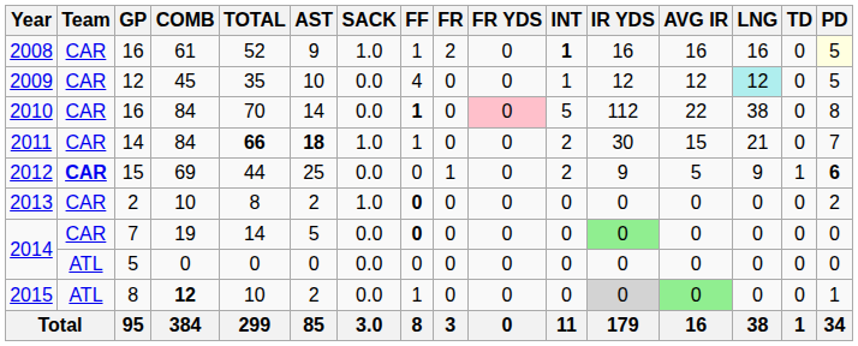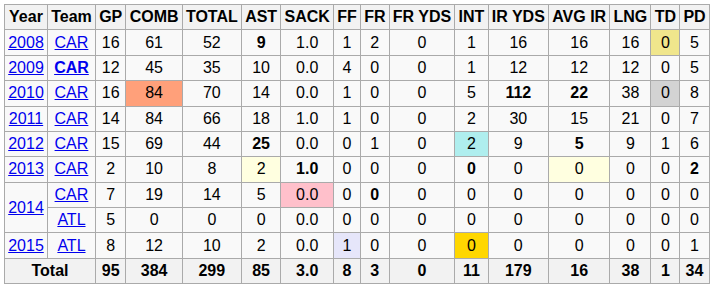 <table class="wikitable" style="text-align:center">
 <tr>
 <th>Year</th>
 <th>Team</th>
 <th>GP</th>
 <th>COMB</th>
 <th>TOTAL</th>
 <th>AST</th>
 <th>SACK</th>
 <th>FF</th>
 <th>FR</th>
 <th>FR YDS</th>
 <th>INT</th>
 <th>IR YDS</th>
 <th>AVG IR</th>
 <th>LNG</th>
 <th>TD</th>
 <th>PD</th>
 </tr>
 <tr>
 <td><a href='#'>2008</a></td>
 <td><a href='#'>CAR</a></td>
 <td>16</td>
 <td>61</td>
 <td>52</td>
-<td>9</td>
+<td><strong>9</strong></td>
 <td>1.0</td>
 <td>1</td>
 <td>2</td>
 <td>0</td>
-<td><strong>1</strong></td>
+<td>1</td>
 <td>16</td>
 <td>16</td>
 <td>16</td>
-<td>0</td>
-<td style="background: lightyellow;">5</td>
+<td style="background: khaki;">0</td>
+<td>5</td>
 </tr>
 <tr>
 <td><a href='#'>2009</a></td>
-<td><a href='#'>CAR</a></td>
+<td><strong><a href='#'>CAR</a></strong></td>
 <td>12</td>
 <td>45</td>
 <td>35</td>
 <td>10</td>
 <td>0.0</td>
 <td>4</td>
 <td>0</td>
 <td>0</td>
 <td>1</td>
 <td>12</td>
 <td>12</td>
-<td style="background: paleturquoise;">12</td>
+<td>12</td>
 <td>0</td>
 <td>5</td>
 </tr>
 <tr>
 <td><a href='#'>2010</a></td>
 <td><a href='#'>CAR</a></td>
 <td>16</td>
-<td>84</td>
+<td style="background: lightsalmon;">84</td>
 <td>70</td>
 <td>14</td>
 <td>0.0</td>
-<td><strong>1</strong></td>
+<td>1</td>
 <td>0</td>
-<td style="background: pink;">0</td>
+<td>0</td>
 <td>5</td>
-<td>112</td>
-<td>22</td>
+<td><strong>112</strong></td>
+<td><strong>22</strong></td>
 <td>38</td>
-<td>0</td>
+<td style="background: lightgrey;">0</td>
 <td>8</td>
 </tr>
 <tr>
 <td><a href='#'>2011</a></td>
 <td><a href='#'>CAR</a></td>
 <td>14</td>
 <td>84</td>
-<td><strong>66</strong></td>
-<td><strong>18</strong></td>
+<td>66</td>
+<td>18</td>
 <td>1.0</td>
 <td>1</td>
 <td>0</td>
 <td>0</td>
 <td>2</td>
 <td>30</td>
 <td>15</td>
 <td>21</td>
 <td>0</td>
 <td>7</td>
 </tr>
 <tr>
 <td><a href='#'>2012</a></td>
-<td><strong><a href='#'>CAR</a></strong></td>
+<td><a href='#'>CAR</a></td>
 <td>15</td>
 <td>69</td>
 <td>44</td>
-<td>25</td>
+<td><strong>25</strong></td>
 <td>0.0</td>
 <td>0</td>
 <td>1</td>
 <td>0</td>
-<td>2</td>
+<td style="background: paleturquoise;">2</td>
 <td>9</td>
-<td>5</td>
+<td><strong>5</strong></td>
 <td>9</td>
 <td>1</td>
-<td><strong>6</strong></td>
+<td>6</td>
 </tr>
 <tr>
 <td><a href='#'>2013</a></td>
 <td><a href='#'>CAR</a></td>
 <td>2</td>
 <td>10</td>
 <td>8</td>
-<td>2</td>
-<td>1.0</td>
-<td><strong>0</strong></td>
+<td style="background: lightyellow;">2</td>
+<td><strong>1.0</strong></td>
 <td>0</td>
 <td>0</td>
 <td>0</td>
+<td><strong>0</strong></td>
+<td>0</td>
+<td style="background: lightyellow;">0</td>
 <td>0</td>
 <td>0</td>
-<td>0</td>
-<td>0</td>
-<td>2</td>
+<td><strong>2</strong></td>
 </tr>
 <tr>
 <td rowspan="2"><a href='#'>2014</a></td>
 <td><a href='#'>CAR</a></td>
 <td>7</td>
 <td>19</td>
 <td>14</td>
 <td>5</td>
-<td>0.0</td>
+<td style="background: pink;">0.0</td>
+<td>0</td>
 <td><strong>0</strong></td>
 <td>0</td>
 <td>0</td>
 <td>0</td>
-<td style="background: lightgreen;">0</td>
 <td>0</td>
 <td>0</td>
 <td>0</td>
 <td>0</td>
 </tr>
 <tr>
 <td><a href='#'>ATL</a></td>
 <td>5</td>
 <td>0</td>
 <td>0</td>
 <td>0</td>
 <td>0.0</td>
 <td>0</td>
 <td>0</td>
 <td>0</td>
 <td>0</td>
 <td>0</td>
 <td>0</td>
 <td>0</td>
 <td>0</td>
 <td>0</td>
 </tr>
 <tr>
 <td><a href='#'>2015</a></td>
 <td><a href='#'>ATL</a></td>
 <td>8</td>
-<td><strong>12</strong></td>
+<td>12</td>
 <td>10</td>
 <td>2</td>
 <td>0.0</td>
-<td>1</td>
+<td style="background: lavender;">1</td>
 <td>0</td>
 <td>0</td>
+<td style="background: gold;">0</td>
 <td>0</td>
-<td style="background: lightgrey;">0</td>
-<td style="background: lightgreen;">0</td>
+<td>0</td>
 <td>0</td>
 <td>0</td>
 <td>1</td>
 </tr>
 <tr>
 <th colspan="2">Total</th>
 <th>95</th>
 <th>384</th>
 <th>299</th>
 <th>85</th>
 <th>3.0</th>
 <th>8</th>
 <th>3</th>
 <th>0</th>
 <th>11</th>
 <th>179</th>
 <th>16</th>
 <th>38</th>
 <th>1</th>
 <th>34</th>
 </tr>
 </table>
